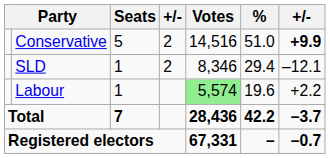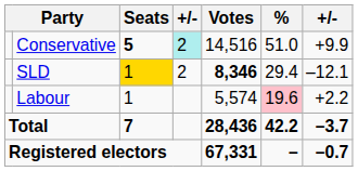 <table class="wikitable sortable">
 <tr>
 <th colspan="2">Party</th>
 <th>Seats</th>
 <th>+/-</th>
 <th>Votes</th>
 <th>%</th>
 <th>+/-</th>
 </tr>
 <tr>
 <td style="background-color: "></td>
 <td><a href='#'>Conservative</a></td>
-<td>5</td>
-<td> 2</td>
+<td><strong>5</strong></td>
+<td style="background: paleturquoise;"> 2</td>
 <td style="text-align:right;">14,516</td>
 <td style="text-align:right;">51.0</td>
-<td style="text-align:right;"><strong>+9.9</strong></td>
+<td style="text-align:right;">+9.9</td>
 </tr>
 <tr>
 <td style="background-color: "></td>
 <td><a href='#'>SLD</a></td>
-<td>1</td>
+<td style="background: gold;">1</td>
 <td> 2</td>
-<td style="text-align:right;">8,346</td>
+<td style="text-align:right;"><strong>8,346</strong></td>
 <td style="text-align:right;">29.4</td>
 <td style="text-align:right;">–12.1</td>
 </tr>
 <tr>
 <td style="background-color: "></td>
 <td><a href='#'>Labour</a></td>
 <td>1</td>
 <td></td>
-<td style="background: lightgreen; text-align:right;">5,574</td>
-<td style="text-align:right;">19.6</td>
+<td style="text-align:right;">5,574</td>
+<td style="background: pink; text-align:right;">19.6</td>
 <td style="text-align:right;">+2.2</td>
 </tr>
 <tr>
 <td colspan="2"><strong>Total</strong></td>
 <td><strong>7</strong></td>
 <td></td>
 <td style="text-align:right;"><strong>28,436</strong></td>
 <td style="text-align:right;"><strong>42.2</strong></td>
 <td style="text-align:right;"><strong>–3.7</strong></td>
 </tr>
 <tr>
 <td colspan="4"><strong>Registered electors</strong></td>
 <td style="text-align:right;"><strong>67,331</strong></td>
 <td style="text-align:right;"><strong>–</strong></td>
 <td style="text-align:right;"><strong>–0.7</strong></td>
 </tr>
 </table>
